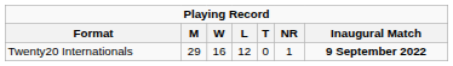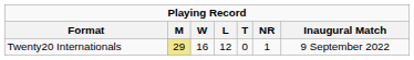 <table class="wikitable" style="text-align: center; width: 600px;">
 <tr>
 <td colspan=7 align="center"><strong>Playing Record</strong></td>
 </tr>
 <tr>
 <th>Format</th>
 <th>M</th>
 <th>W</th>
 <th>L</th>
 <th>T</th>
 <th>NR</th>
 <th>Inaugural Match</th>
 </tr>
 <tr>
 <td align="left">Twenty20 Internationals</td>
-<td>29</td>
+<td style="background: khaki;">29</td>
 <td>16</td>
 <td>12</td>
 <td>0</td>
 <td>1</td>
-<td><strong>9 September 2022</strong></td>
+<td>9 September 2022</td>
 </tr>
 </table>
